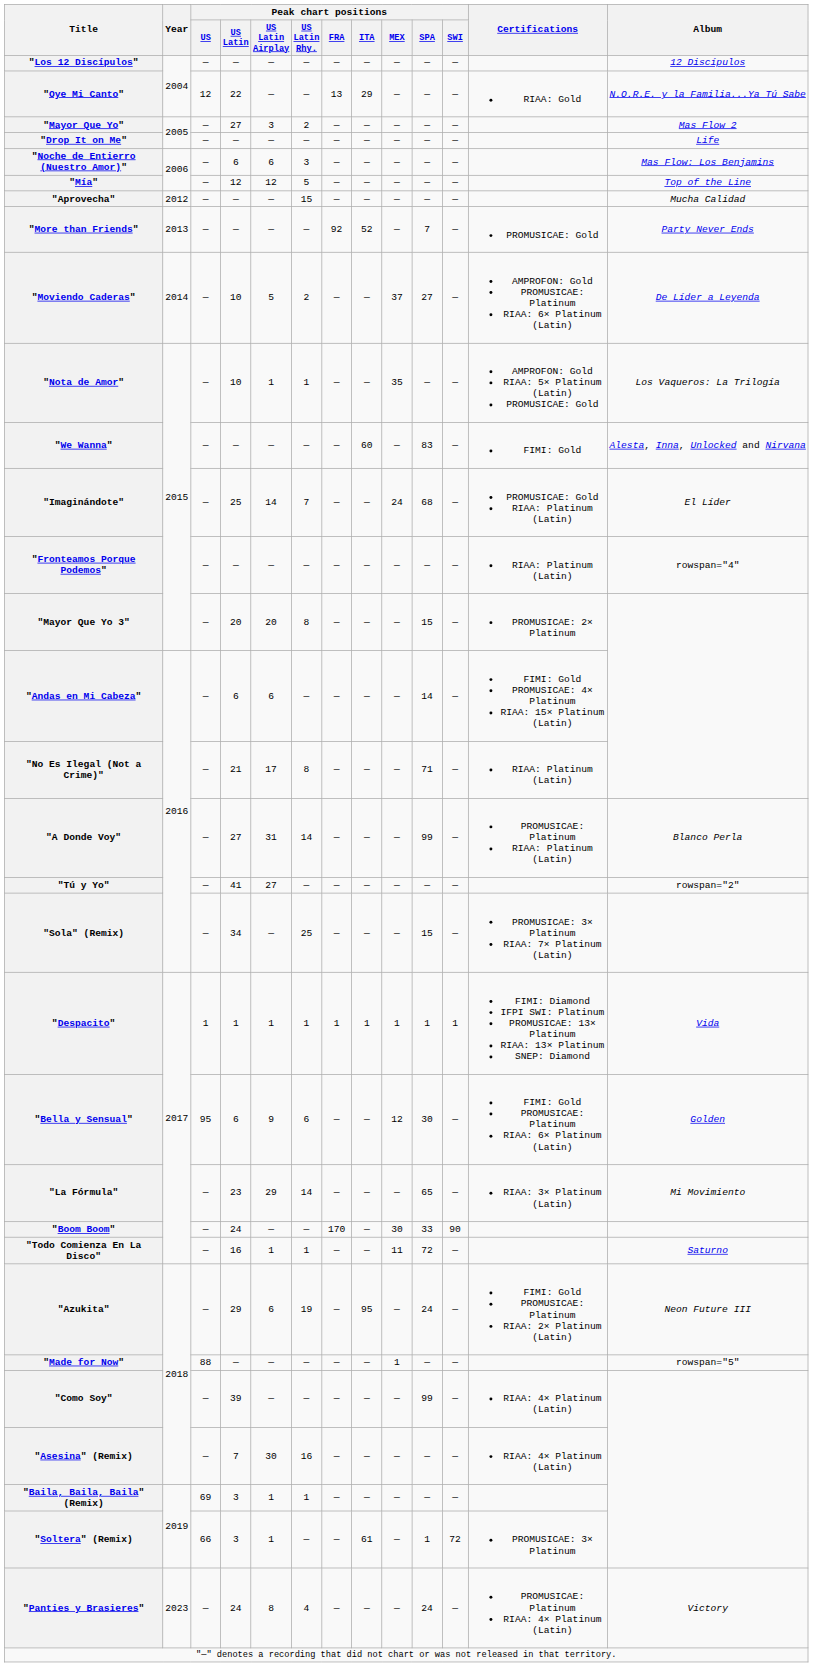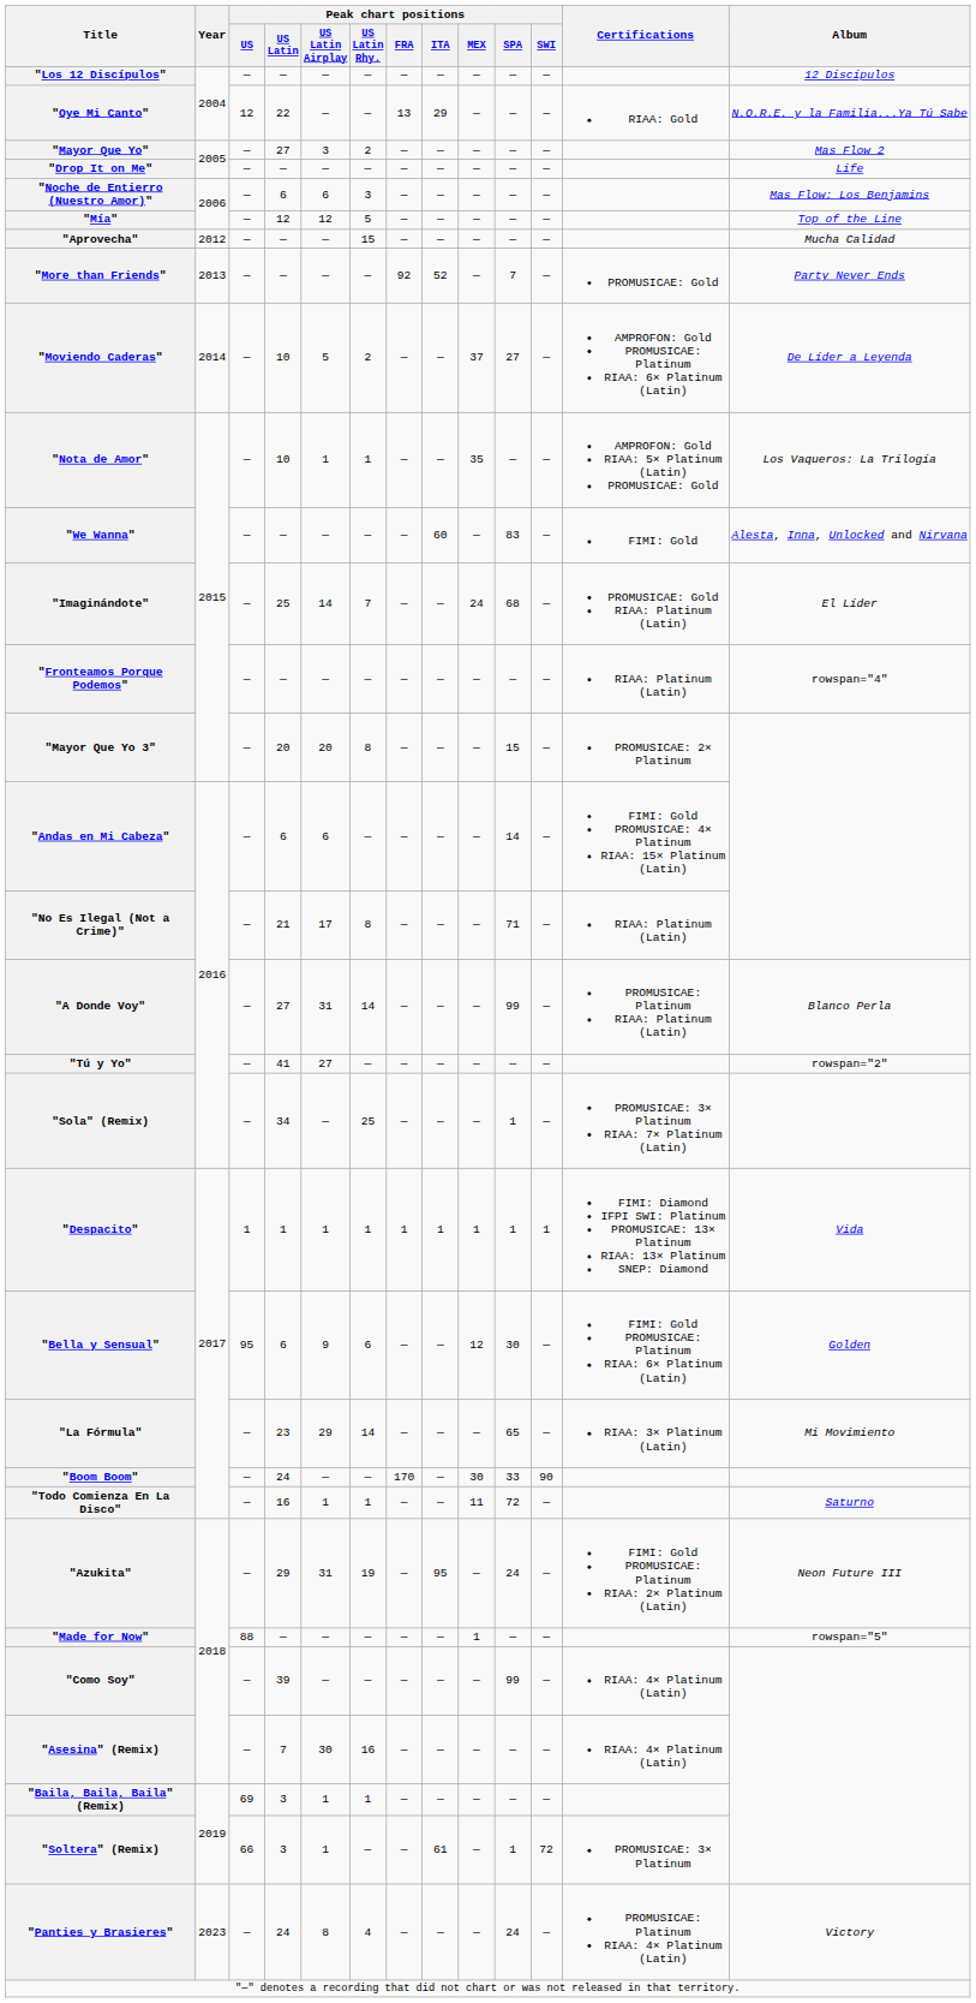 <table class="wikitable plainrowheaders" style="text-align:center;">
 <tr>
 <th scope="col" rowspan="2" style="width:16em;">Title</th>
 <th scope="col" rowspan="2">Year</th>
 <th scope="col" colspan="9">Peak chart positions</th>
 <th scope="col" rowspan="2" style="width:14em;"><a href='#'>Certifications</a></th>
 <th scope="col" rowspan="2">Album</th>
 </tr>
 <tr>
 <th scope="col" style="width:3em;font-size:90%;"><a href='#'>US</a><br></th>
 <th scope="col" style="width:3em;font-size:90%;"><a href='#'>US<br>Latin</a><br></th>
 <th scope="col" style="width:3em;font-size:90%;"><a href='#'>US<br>Latin<br>Airplay</a><br></th>
 <th scope="col" style="width:3em;font-size:90%;"><a href='#'>US<br>Latin<br>Rhy.</a><br></th>
 <th scope="col" style="width:3em;font-size:90%;"><a href='#'>FRA</a><br></th>
 <th scope="col" style="width:3em;font-size:90%;"><a href='#'>ITA</a><br></th>
 <th scope="col" style="width:3em;font-size:90%;"><a href='#'>MEX</a><br></th>
 <th scope="col" style="width:3em;font-size:90%;"><a href='#'>SPA</a><br></th>
 <th scope="col" style="width:2.5em;font-size:90%;"><a href='#'>SWI</a> <br></th>
 </tr>
 <tr>
 <th scope="row">"<a href='#'>Los 12 Discípulos</a>"<br></th>
 <td rowspan="2">2004</td>
 <td>—</td>
 <td>—</td>
 <td>—</td>
 <td>—</td>
 <td>—</td>
 <td>—</td>
 <td>—</td>
 <td>—</td>
 <td>—</td>
 <td></td>
 <td><em><a href='#'>12 Discípulos</a></em></td>
 </tr>
 <tr>
 <th scope="row">"<a href='#'>Oye Mi Canto</a>"<br></th>
 <td>12</td>
 <td>22</td>
 <td>—</td>
 <td>—</td>
 <td>13</td>
 <td>29</td>
 <td>—</td>
 <td>—</td>
 <td>—</td>
 <td><br><ul><li>RIAA: Gold</li></ul></td>
 <td><em><a href='#'>N.O.R.E. y la Familia...Ya Tú Sabe</a></em></td>
 </tr>
 <tr>
 <th scope="row">"<a href='#'>Mayor Que Yo</a>"<br></th>
 <td rowspan="2">2005</td>
 <td>—</td>
 <td>27</td>
 <td>3</td>
 <td>2</td>
 <td>—</td>
 <td>—</td>
 <td>—</td>
 <td>—</td>
 <td>—</td>
 <td></td>
 <td><em><a href='#'>Mas Flow 2</a></em></td>
 </tr>
 <tr>
 <th scope="row">"<a href='#'>Drop It on Me</a>"<br></th>
 <td>—</td>
 <td>—</td>
 <td>—</td>
 <td>—</td>
 <td>—</td>
 <td>—</td>
 <td>—</td>
 <td>—</td>
 <td>—</td>
 <td></td>
 <td><em><a href='#'>Life</a></em></td>
 </tr>
 <tr>
 <th scope="row">"<a href='#'>Noche de Entierro (Nuestro Amor)</a>"<br></th>
 <td rowspan="2">2006</td>
 <td>—</td>
 <td>6</td>
 <td>6</td>
 <td>3</td>
 <td>—</td>
 <td>—</td>
 <td>—</td>
 <td>—</td>
 <td>—</td>
 <td></td>
 <td><em><a href='#'>Mas Flow: Los Benjamins</a></em></td>
 </tr>
 <tr>
 <th scope="row">"<a href='#'>Mía</a>"<br></th>
 <td>—</td>
 <td>12</td>
 <td>12</td>
 <td>5</td>
 <td>—</td>
 <td>—</td>
 <td>—</td>
 <td>—</td>
 <td>—</td>
 <td></td>
 <td><em><a href='#'>Top of the Line</a></em></td>
 </tr>
 <tr>
 <th scope="row">"Aprovecha"<br></th>
 <td>2012</td>
 <td>—</td>
 <td>—</td>
 <td>—</td>
 <td>15</td>
 <td>—</td>
 <td>—</td>
 <td>—</td>
 <td>—</td>
 <td>—</td>
 <td></td>
 <td><em>Mucha Calidad</em></td>
 </tr>
 <tr>
 <th scope="row">"<a href='#'>More than Friends</a>"<br></th>
 <td>2013</td>
 <td>—</td>
 <td>—</td>
 <td>—</td>
 <td>—</td>
 <td>92</td>
 <td>52</td>
 <td>—</td>
 <td>7</td>
 <td>—</td>
 <td><br><ul><li>PROMUSICAE: Gold</li></ul></td>
 <td><em><a href='#'>Party Never Ends</a></em></td>
 </tr>
 <tr>
 <th scope="row">"<a href='#'>Moviendo Caderas</a>"<br></th>
 <td>2014</td>
 <td>—</td>
 <td>10</td>
 <td>5</td>
 <td>2</td>
 <td>—</td>
 <td>—</td>
 <td>37</td>
 <td>27</td>
 <td>—</td>
 <td><br><ul><li>AMPROFON: Gold</li><li>PROMUSICAE: Platinum</li><li>RIAA: 6× Platinum (Latin)</li></ul></td>
 <td><em><a href='#'>De Líder a Leyenda</a></em></td>
 </tr>
 <tr>
 <th scope="row">"<a href='#'>Nota de Amor</a>"<br></th>
 <td rowspan="5">2015</td>
 <td>—</td>
 <td>10</td>
 <td>1</td>
 <td>1</td>
 <td>—</td>
 <td>—</td>
 <td>35</td>
 <td>—</td>
 <td>—</td>
 <td><br><ul><li>AMPROFON: Gold</li><li>RIAA: 5× Platinum (Latin)</li><li>PROMUSICAE: Gold</li></ul></td>
 <td><em>Los Vaqueros: La Trilogía</em></td>
 </tr>
 <tr>
 <th scope="row">"<a href='#'>We Wanna</a>"<br></th>
 <td>—</td>
 <td>—</td>
 <td>—</td>
 <td>—</td>
 <td>—</td>
 <td>60</td>
 <td>—</td>
 <td>83</td>
 <td>—</td>
 <td><br><ul><li>FIMI: Gold</li></ul></td>
 <td><em><a href='#'>Alesta</a></em>, <em><a href='#'>Inna</a></em>, <em><a href='#'>Unlocked</a></em> and <em><a href='#'>Nirvana</a></em></td>
 </tr>
 <tr>
 <th scope="row">"Imaginándote"<br></th>
 <td>—</td>
 <td>25</td>
 <td>14</td>
 <td>7</td>
 <td>—</td>
 <td>—</td>
 <td>24</td>
 <td>68</td>
 <td>—</td>
 <td><br><ul><li>PROMUSICAE: Gold</li><li>RIAA: Platinum (Latin)</li></ul></td>
 <td><em>El Líder</em></td>
 </tr>
 <tr>
 <th scope="row">"<a href='#'>Fronteamos Porque Podemos</a>"<br></th>
 <td>—</td>
 <td>—</td>
 <td>—</td>
 <td>—</td>
 <td>—</td>
 <td>—</td>
 <td>—</td>
 <td>—</td>
 <td>—</td>
 <td><br><ul><li>RIAA: Platinum (Latin)</li></ul></td>
 <td>rowspan="4" </td>
 </tr>
 <tr>
 <th scope="row">"Mayor Que Yo 3"<br></th>
 <td>—</td>
 <td>20</td>
 <td>20</td>
 <td>8</td>
 <td>—</td>
 <td>—</td>
 <td>—</td>
 <td>15</td>
 <td>—</td>
 <td><br><ul><li>PROMUSICAE: 2× Platinum</li></ul></td>
 </tr>
 <tr>
 <th scope="row">"<a href='#'>Andas en Mi Cabeza</a>"<br></th>
 <td rowspan="5">2016</td>
 <td>—</td>
 <td>6</td>
 <td>6</td>
 <td>—</td>
 <td>—</td>
 <td>—</td>
 <td>—</td>
 <td>14</td>
 <td>—</td>
 <td><br><ul><li>FIMI: Gold</li><li>PROMUSICAE: 4× Platinum</li><li>RIAA: 15× Platinum (Latin)</li></ul></td>
 </tr>
 <tr>
 <th scope="row">"No Es Ilegal (Not a Crime)"<br></th>
 <td>—</td>
 <td>21</td>
 <td>17</td>
 <td>8</td>
 <td>—</td>
 <td>—</td>
 <td>—</td>
 <td>71</td>
 <td>—</td>
 <td><br><ul><li>RIAA: Platinum (Latin)</li></ul></td>
 </tr>
 <tr>
 <th scope="row">"A Donde Voy"<br></th>
 <td>—</td>
 <td>27</td>
 <td>31</td>
 <td>14</td>
 <td>—</td>
 <td>—</td>
 <td>—</td>
 <td>99</td>
 <td>—</td>
 <td><br><ul><li>PROMUSICAE: Platinum</li><li>RIAA: Platinum (Latin)</li></ul></td>
 <td><em>Blanco Perla</em></td>
 </tr>
 <tr>
 <th scope="row">"Tú y Yo"<br></th>
 <td>—</td>
 <td>41</td>
 <td>27</td>
 <td>—</td>
 <td>—</td>
 <td>—</td>
 <td>—</td>
 <td>—</td>
 <td>—</td>
 <td></td>
 <td>rowspan="2" </td>
 </tr>
 <tr>
 <th scope="row">"Sola" (Remix)<br></th>
 <td>—</td>
 <td>34</td>
 <td>—</td>
 <td>25</td>
 <td>—</td>
 <td>—</td>
 <td>—</td>
-<td>15</td>
+<td>1</td>
 <td>—</td>
 <td><br><ul><li>PROMUSICAE: 3× Platinum</li><li>RIAA: 7× Platinum (Latin)</li></ul></td>
 </tr>
 <tr>
 <th scope="row">"<a href='#'>Despacito</a>"<br></th>
 <td rowspan="5">2017</td>
 <td>1</td>
 <td>1</td>
 <td>1</td>
 <td>1</td>
 <td>1</td>
 <td>1</td>
 <td>1</td>
 <td>1</td>
 <td>1</td>
 <td><br><ul><li>FIMI: Diamond</li><li>IFPI SWI: Platinum</li><li>PROMUSICAE: 13× Platinum</li><li>RIAA: 13× Platinum</li><li>SNEP: Diamond</li></ul></td>
 <td><em><a href='#'>Vida</a></em></td>
 </tr>
 <tr>
 <th scope="row">"<a href='#'>Bella y Sensual</a>"<br></th>
 <td>95</td>
 <td>6</td>
 <td>9</td>
 <td>6</td>
 <td>—</td>
 <td>—</td>
 <td>12</td>
 <td>30</td>
 <td>—</td>
 <td><br><ul><li>FIMI: Gold</li><li>PROMUSICAE: Platinum</li><li>RIAA: 6× Platinum (Latin)</li></ul></td>
 <td><em><a href='#'>Golden</a></em></td>
 </tr>
 <tr>
 <th scope="row">"La Fórmula"<br></th>
 <td>—</td>
 <td>23</td>
 <td>29</td>
 <td>14</td>
 <td>—</td>
 <td>—</td>
 <td>—</td>
 <td>65</td>
 <td>—</td>
 <td><br><ul><li>RIAA: 3× Platinum (Latin)</li></ul></td>
 <td><em>Mi Movimiento</em></td>
 </tr>
 <tr>
 <th scope="row">"<a href='#'>Boom Boom</a>"<br></th>
 <td>—</td>
 <td>24</td>
 <td>—</td>
 <td>—</td>
 <td>170</td>
 <td>—</td>
 <td>30</td>
 <td>33</td>
 <td>90</td>
 <td></td>
 <td></td>
 </tr>
 <tr>
 <th scope="row">"Todo Comienza En La Disco"<br></th>
 <td>—</td>
 <td>16</td>
 <td>1</td>
 <td>1</td>
 <td>—</td>
 <td>—</td>
 <td>11</td>
 <td>72</td>
 <td>—</td>
 <td></td>
 <td><em><a href='#'>Saturno</a></em></td>
 </tr>
 <tr>
 <th scope="row">"Azukita"<br></th>
 <td rowspan="4">2018</td>
 <td>—</td>
 <td>29</td>
-<td>6</td>
+<td>31</td>
 <td>19</td>
 <td>—</td>
 <td>95</td>
 <td>—</td>
 <td>24</td>
 <td>—</td>
 <td><br><ul><li>FIMI: Gold</li><li>PROMUSICAE: Platinum</li><li>RIAA: 2× Platinum (Latin)</li></ul></td>
 <td><em>Neon Future III</em></td>
 </tr>
 <tr>
 <th scope="row">"<a href='#'>Made for Now</a>"<br></th>
 <td>88</td>
 <td>—</td>
 <td>—</td>
 <td>—</td>
 <td>—</td>
 <td>—</td>
 <td>1</td>
 <td>—</td>
 <td>—</td>
 <td></td>
 <td>rowspan="5" </td>
 </tr>
 <tr>
 <th scope="row">"Como Soy"<br></th>
 <td>—</td>
 <td>39</td>
 <td>—</td>
 <td>—</td>
 <td>—</td>
 <td>—</td>
 <td>—</td>
 <td>99</td>
 <td>—</td>
 <td><br><ul><li>RIAA: 4× Platinum (Latin)</li></ul></td>
 </tr>
 <tr>
 <th scope="row">"<a href='#'>Asesina</a>" (Remix)<br></th>
 <td>—</td>
 <td>7</td>
 <td>30</td>
 <td>16</td>
 <td>—</td>
 <td>—</td>
 <td>—</td>
 <td>—</td>
 <td>—</td>
 <td><br><ul><li>RIAA: 4× Platinum (Latin)</li></ul></td>
 </tr>
 <tr>
 <th scope="row">"<a href='#'>Baila, Baila, Baila</a>" (Remix)<br></th>
 <td rowspan="2">2019</td>
 <td>69</td>
 <td>3</td>
 <td>1</td>
 <td>1</td>
 <td>—</td>
 <td>—</td>
 <td>—</td>
 <td>—</td>
 <td>—</td>
 <td></td>
 </tr>
 <tr>
 <th scope="row">"<a href='#'>Soltera</a>" (Remix)<br></th>
 <td>66</td>
 <td>3</td>
 <td>1</td>
 <td>—</td>
 <td>—</td>
 <td>61</td>
 <td>—</td>
 <td>1</td>
 <td>72</td>
 <td><br><ul><li>PROMUSICAE: 3× Platinum</li></ul></td>
 </tr>
 <tr>
 <th scope="row">"<a href='#'>Panties y Brasieres</a>"<br></th>
 <td>2023</td>
 <td>—</td>
 <td>24</td>
 <td>8</td>
 <td>4</td>
 <td>—</td>
 <td>—</td>
 <td>—</td>
 <td>24</td>
 <td>—</td>
 <td><br><ul><li>PROMUSICAE: Platinum</li><li>RIAA: 4× Platinum (Latin)</li></ul></td>
 <td><em>Victory</em></td>
 </tr>
 <tr>
 <td colspan="14" style="font-size:90%">"—" denotes a recording that did not chart or was not released in that territory.</td>
 </tr>
 </table>
